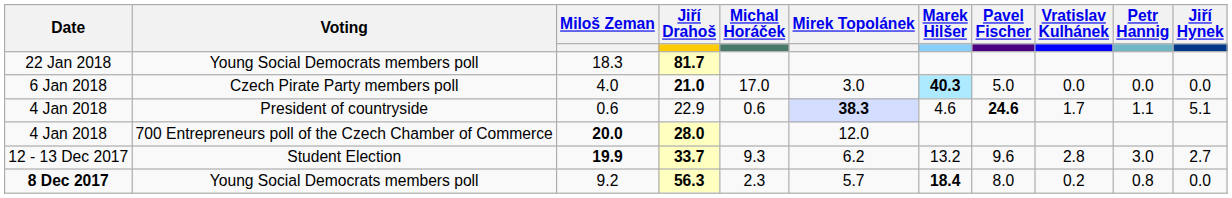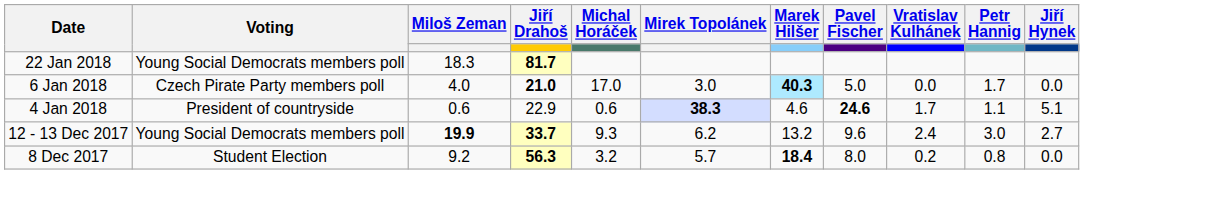 <table class="wikitable" style=text-align:center;font-size:85%;line-height:14px;">
 <tr>
 <th rowspan="2">Date</th>
 <th rowspan="2">Voting</th>
 <th><a href='#'>Miloš Zeman</a></th>
 <th><a href='#'>Jiří Drahoš</a></th>
 <th><a href='#'>Michal Horáček</a></th>
 <th><a href='#'>Mirek Topolánek</a></th>
 <th><a href='#'>Marek Hilšer</a></th>
 <th><a href='#'>Pavel Fischer</a></th>
 <th><a href='#'>Vratislav Kulhánek</a></th>
 <th><a href='#'>Petr Hannig</a></th>
 <th><a href='#'>Jiří Hynek</a></th>
 </tr>
 <tr>
 <th style="background:"></th>
 <th style="background:#FFCB03; width:40px;"></th>
 <th style="background:#49796B; width:40px;"></th>
 <th style="background:"></th>
 <th style="background:#87CEFA; width:40px;"></th>
 <th style="background:#4b0082; width:40px;"></th>
 <th style="background:#0000FF; width:40px;"></th>
 <th style="background:#6FB7C5; width:40px;"></th>
 <th style="background:#013888; width:40px;"></th>
 </tr>
 <tr>
 <td>22 Jan 2018</td>
 <td>Young Social Democrats members poll</td>
 <td>18.3</td>
 <td style="background:#FFFFBF"><strong>81.7</strong></td>
 <td></td>
 <td></td>
 <td></td>
 <td></td>
 <td></td>
 <td></td>
 <td></td>
 </tr>
 <tr>
 <td>6 Jan 2018</td>
 <td>Czech Pirate Party members poll</td>
 <td>4.0</td>
 <td><strong>21.0</strong></td>
 <td>17.0</td>
 <td>3.0</td>
 <td style="background:#AEEAFF"><strong>40.3</strong></td>
 <td>5.0</td>
 <td>0.0</td>
-<td>0.0</td>
+<td>1.7</td>
 <td>0.0</td>
 </tr>
 <tr>
 <td>4 Jan 2018</td>
 <td>President of countryside</td>
 <td>0.6</td>
 <td>22.9</td>
 <td>0.6</td>
 <td style="background:#D3DDFF"><strong>38.3</strong></td>
 <td>4.6</td>
 <td><strong>24.6</strong></td>
 <td>1.7</td>
 <td>1.1</td>
 <td>5.1</td>
 </tr>
 <tr>
-<td>4 Jan 2018</td>
-<td>700 Entrepreneurs poll of the Czech Chamber of  Commerce</td>
-<td><strong>20.0</strong></td>
-<td style="background:#FFFFBF"><strong>28.0</strong></td>
-<td></td>
-<td>12.0</td>
-<td></td>
-<td></td>
-<td></td>
-<td></td>
-<td></td>
-</tr>
-<tr>
 <td>12 - 13 Dec 2017</td>
-<td>Student Election</td>
+<td>Young Social Democrats members poll</td>
 <td><strong>19.9</strong></td>
 <td style="background:#FFFFBF"><strong>33.7</strong></td>
 <td>9.3</td>
 <td>6.2</td>
 <td>13.2</td>
 <td>9.6</td>
-<td>2.8</td>
+<td>2.4</td>
 <td>3.0</td>
 <td>2.7</td>
 </tr>
 <tr>
-<td><strong>8 Dec 2017</strong></td>
-<td>Young Social Democrats members poll</td>
+<td>8 Dec 2017</td>
+<td>Student Election</td>
 <td>9.2</td>
 <td style="background:#FFFFBF"><strong>56.3</strong></td>
-<td>2.3</td>
+<td>3.2</td>
 <td>5.7</td>
 <td><strong>18.4</strong></td>
 <td>8.0</td>
 <td>0.2</td>
 <td>0.8</td>
 <td>0.0</td>
 </tr>
 </table>
